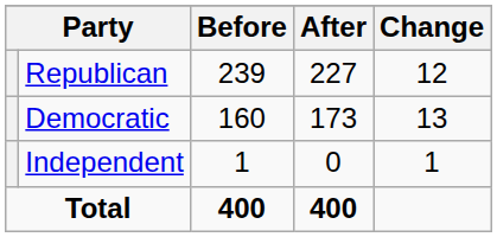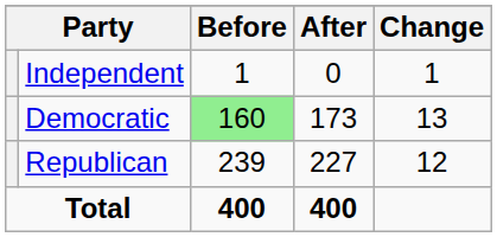 <table class="wikitable" style="text-align:center;">
 <tr>
 </tr>
 <tr>
 <th colspan=2>Party</th>
 <th>Before</th>
 <th>After</th>
 <th>Change</th>
 </tr>
 <tr>
 <th style="background-color:"></th>
-<td style="text-align:left;"><a href='#'>Republican</a></td>
-<td>239</td>
-<td>227</td>
-<td> 12</td>
+<td style="text-align:left;"><a href='#'>Independent</a></td>
+<td>1</td>
+<td>0</td>
+<td> 1</td>
 </tr>
 <tr>
 <th style="background-color:"></th>
 <td style="text-align:left;"><a href='#'>Democratic</a></td>
-<td>160</td>
+<td style="background: lightgreen;">160</td>
 <td>173</td>
 <td> 13</td>
 </tr>
 <tr>
 <th style="background-color:"></th>
-<td style="text-align:left;"><a href='#'>Independent</a></td>
-<td>1</td>
-<td>0</td>
-<td> 1</td>
+<td style="text-align:left;"><a href='#'>Republican</a></td>
+<td>239</td>
+<td>227</td>
+<td> 12</td>
 </tr>
 <tr>
 <td colspan=2><strong>Total</strong></td>
 <td><strong>400</strong></td>
 <td><strong>400</strong></td>
 <td></td>
 </tr>
 </table>
